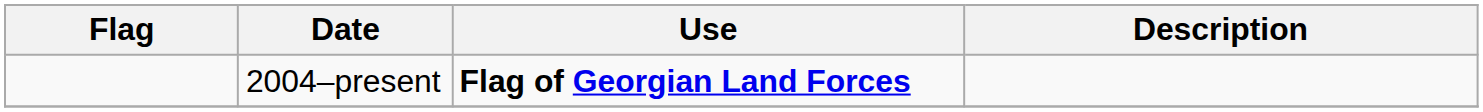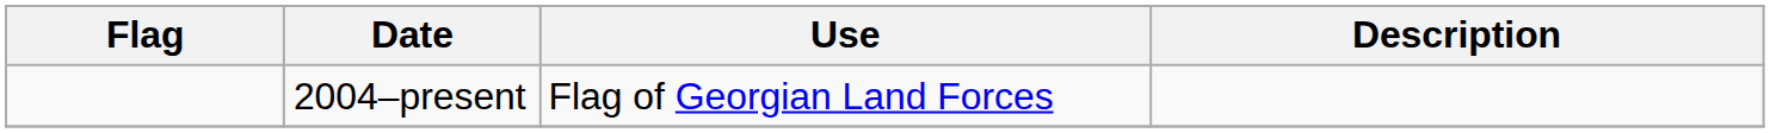 <table class="wikitable">
 <tr>
 <th width="110">Flag</th>
 <th width="100">Date</th>
 <th width="250">Use</th>
 <th width="250">Description</th>
 </tr>
 <tr>
 <td></td>
 <td>2004–present</td>
-<td><strong>Flag of <a href='#'>Georgian Land Forces</a></strong></td>
+<td>Flag of <a href='#'>Georgian Land Forces</a></td>
 <td></td>
 </tr>
 <tr>
 </tr>
 </table>
